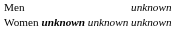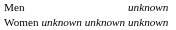 <table>
 <tr>
 <td>Men</td>
 <td></td>
 <td></td>
 <td><em>unknown</em></td>
 </tr>
 <tr>
 <td>Women</td>
-<td><strong><em>unknown</em></strong></td>
+<td><em>unknown</em></td>
 <td><em>unknown</em></td>
 <td><em>unknown</em></td>
 </tr>
 </table>
